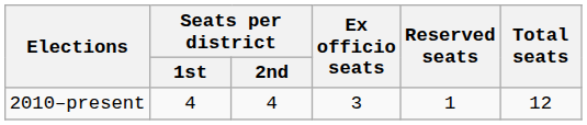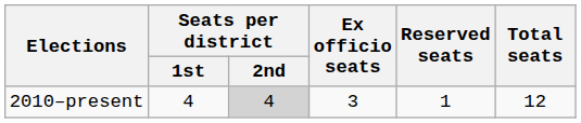 <table class="wikitable">
 <tr>
 <th rowspan="2">Elections</th>
 <th colspan="2">Seats per district</th>
 <th rowspan="2" width="50px">Ex officio seats</th>
 <th rowspan="2" width="50px">Reserved seats</th>
 <th rowspan="2" width="50px">Total seats</th>
 </tr>
 <tr>
 <th width="50px">1st</th>
 <th width="50px">2nd</th>
 </tr>
 <tr align="center">
 <td>2010–present</td>
 <td>4</td>
-<td>4</td>
+<td style="background: lightgrey;">4</td>
 <td>3</td>
 <td>1</td>
 <td>12</td>
 </tr>
 </table>
